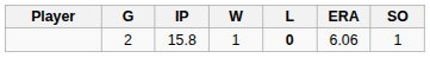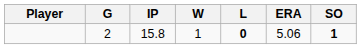 <table class="wikitable sortable">
 <tr>
 <th bgcolor="#DDDDFF" width="16%">Player</th>
 <th bgcolor="#DDDDFF" width="9%">G</th>
 <th bgcolor="#DDDDFF" width="9%">IP</th>
 <th bgcolor="#DDDDFF" width="9%">W</th>
 <th bgcolor="#DDDDFF" width="9%">L</th>
 <th bgcolor="#DDDDFF" width="9%">ERA</th>
 <th bgcolor="#DDDDFF" width="9%">SO</th>
 </tr>
 <tr align="center">
 <td></td>
 <td>2</td>
 <td>15.8</td>
 <td>1</td>
 <td><strong>0</strong></td>
-<td>6.06</td>
-<td>1</td>
+<td>5.06</td>
+<td><strong>1</strong></td>
 </tr>
 </table>
